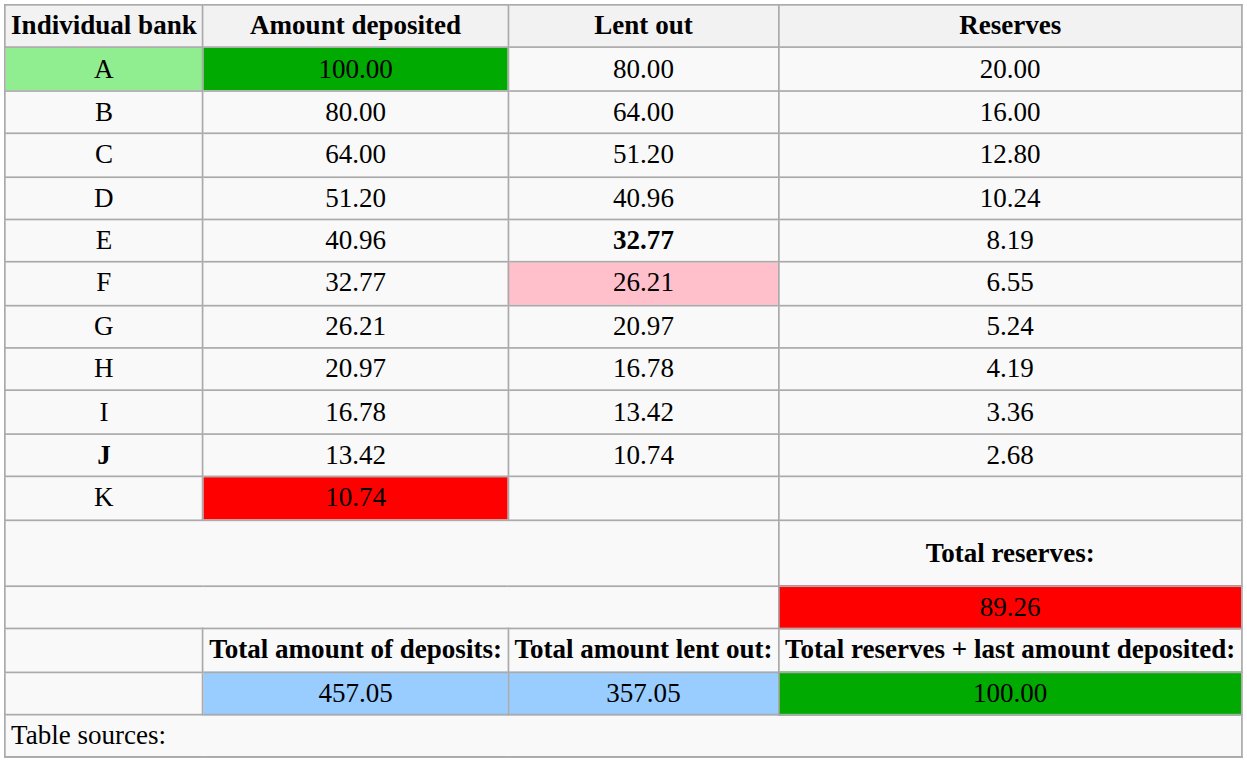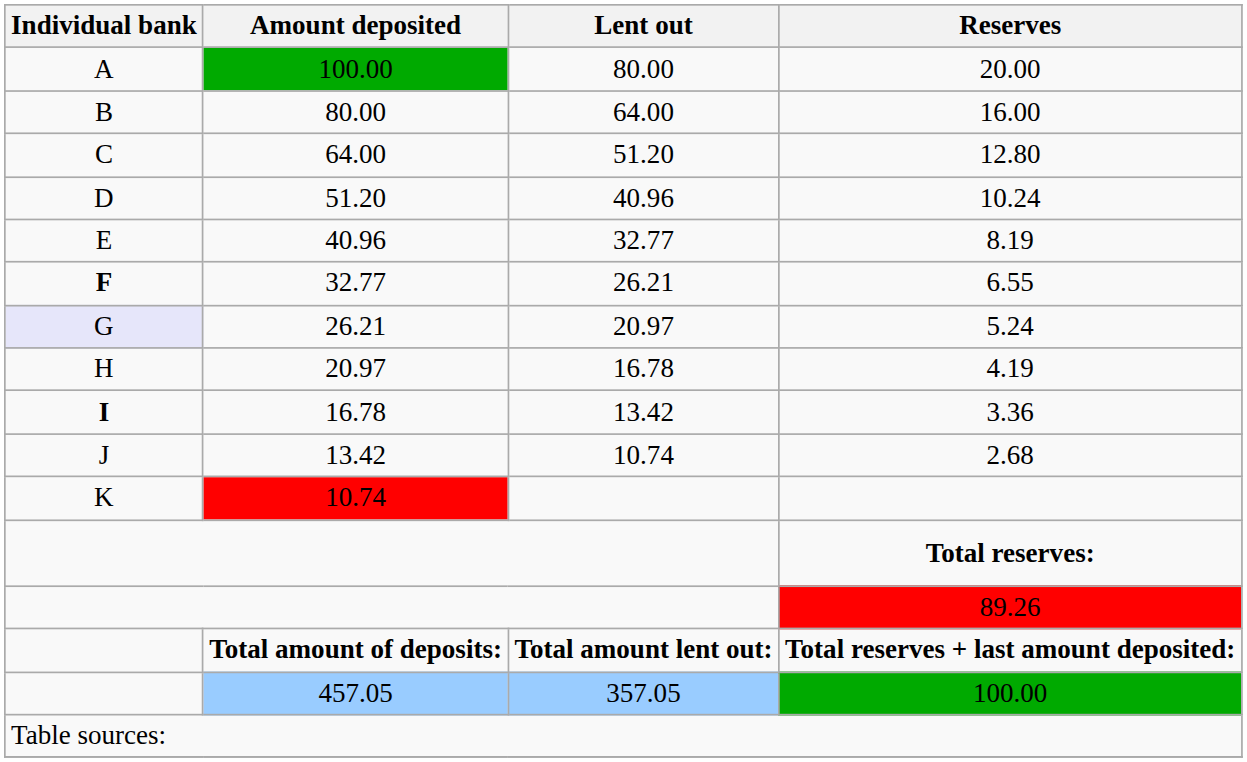 <table class="wikitable">
 <tr>
 <th>Individual bank</th>
 <th>Amount deposited</th>
 <th>Lent out</th>
 <th>Reserves</th>
 </tr>
 <tr>
-<td height="16" align="CENTER" style="background: lightgreen;">A</td>
+<td height="16" align="CENTER">A</td>
 <td bgcolor="#00AA00" align="CENTER">100.00</td>
 <td align="CENTER">80.00</td>
 <td align="CENTER">20.00</td>
 </tr>
 <tr>
 <td height="16" align="CENTER">B</td>
 <td align="CENTER">80.00</td>
 <td align="CENTER">64.00</td>
 <td align="CENTER">16.00</td>
 </tr>
 <tr>
 <td height="16" align="CENTER">C</td>
 <td align="CENTER">64.00</td>
 <td align="CENTER">51.20</td>
 <td align="CENTER">12.80</td>
 </tr>
 <tr>
 <td height="16" align="CENTER">D</td>
 <td align="CENTER">51.20</td>
 <td align="CENTER">40.96</td>
 <td align="CENTER">10.24</td>
 </tr>
 <tr>
 <td height="16" align="CENTER">E</td>
 <td align="CENTER">40.96</td>
-<td align="CENTER"><strong>32.77</strong></td>
+<td align="CENTER">32.77</td>
 <td align="CENTER">8.19</td>
 </tr>
 <tr>
-<td height="16" align="CENTER">F</td>
+<td height="16" align="CENTER"><strong>F</strong></td>
 <td align="CENTER">32.77</td>
-<td align="CENTER" style="background: pink;">26.21</td>
+<td align="CENTER">26.21</td>
 <td align="CENTER">6.55</td>
 </tr>
 <tr>
-<td height="16" align="CENTER">G</td>
+<td height="16" align="CENTER" style="background: lavender;">G</td>
 <td align="CENTER">26.21</td>
 <td align="CENTER">20.97</td>
 <td align="CENTER">5.24</td>
 </tr>
 <tr>
 <td height="16" align="CENTER">H</td>
 <td align="CENTER">20.97</td>
 <td align="CENTER">16.78</td>
 <td align="CENTER">4.19</td>
 </tr>
 <tr>
-<td height="16" align="CENTER">I</td>
+<td height="16" align="CENTER"><strong>I</strong></td>
 <td align="CENTER">16.78</td>
 <td align="CENTER">13.42</td>
 <td align="CENTER">3.36</td>
 </tr>
 <tr>
-<td height="16" align="CENTER"><strong>J</strong></td>
+<td height="16" align="CENTER">J</td>
 <td align="CENTER">13.42</td>
 <td align="CENTER">10.74</td>
 <td align="CENTER">2.68</td>
 </tr>
 <tr>
 <td height="16" align="CENTER">K</td>
 <td bgcolor="#FF0000" align="CENTER">10.74</td>
 <td align="CENTER"><br></td>
 <td align="CENTER"><br></td>
 </tr>
 <tr>
 <td height="32" align="CENTER" colspan=3><br></td>
 <td align="CENTER"><strong>Total reserves:</strong></td>
 </tr>
 <tr>
 <td height="16" align="CENTER" colspan=3><br></td>
 <td bgcolor="#FF0000" align="CENTER">89.26</td>
 </tr>
 <tr>
 <td><br></td>
 <td align="CENTER"><strong>Total amount of deposits:</strong></td>
 <td align="CENTER"><strong>Total amount lent out:</strong></td>
 <td align="CENTER"><strong>Total reserves + last amount deposited:</strong></td>
 </tr>
 <tr>
 <td height="16" align="CENTER"><br></td>
 <td bgcolor="#99CCFF" align="CENTER">457.05</td>
 <td bgcolor="#99CCFF" align="CENTER">357.05</td>
 <td bgcolor="#00AA00" align="CENTER">100.00</td>
 </tr>
 <tr>
 <td colspan=4>Table sources:</td>
 </tr>
 <tr>
 </tr>
 </table>
